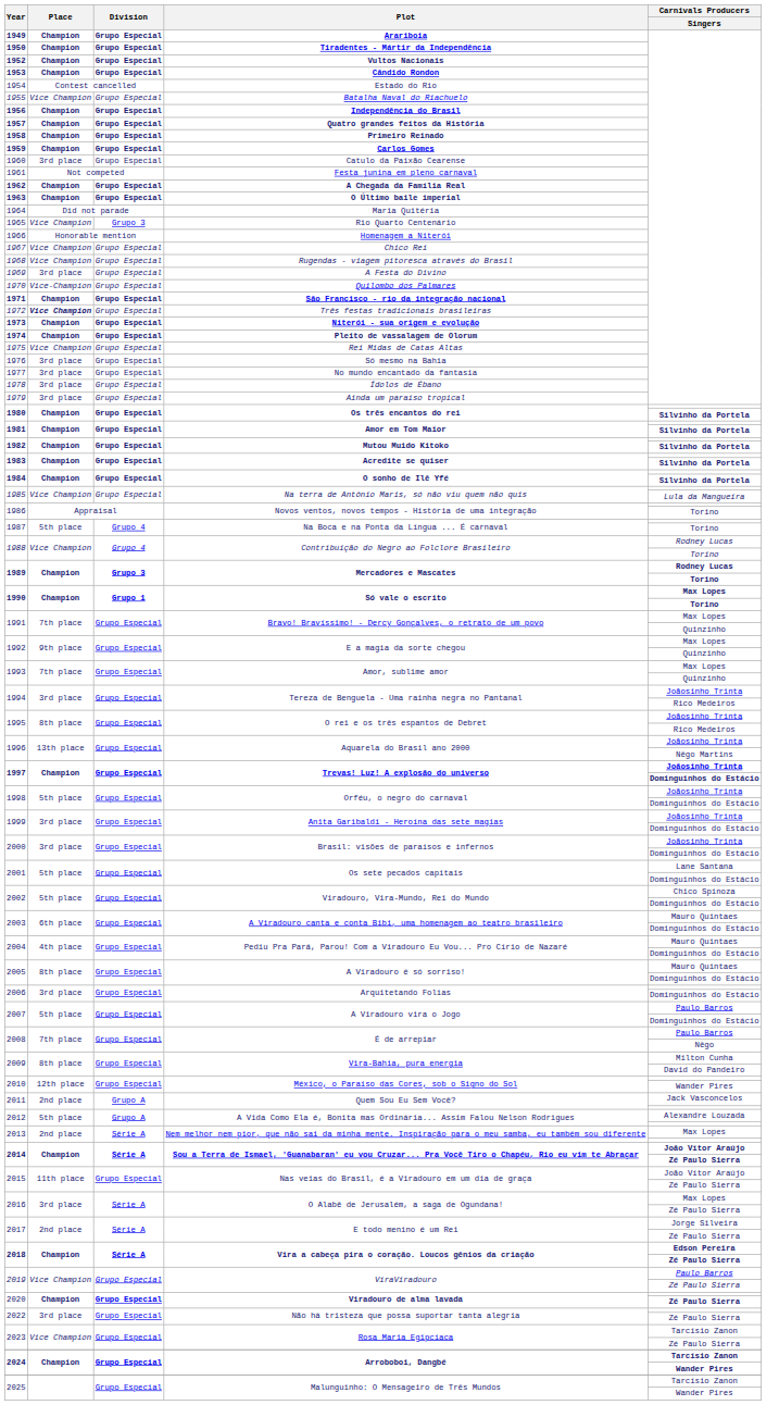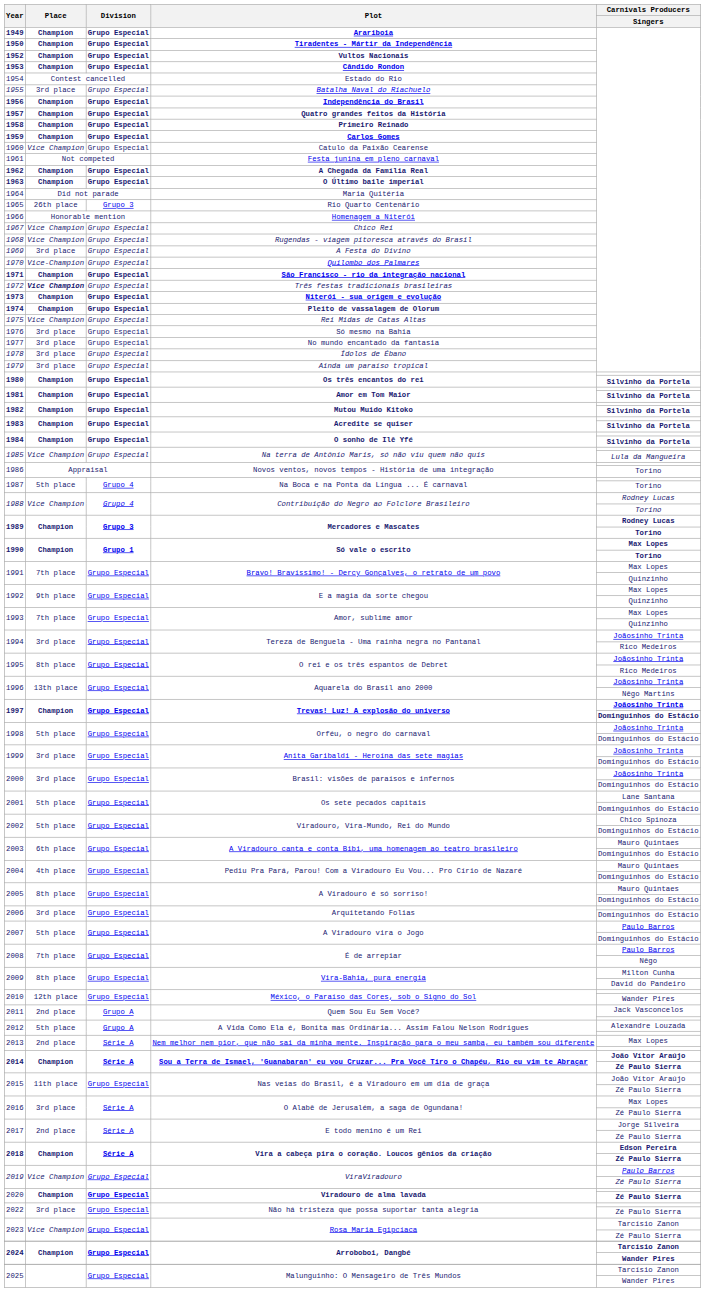 <table class="wikitable sortable" style="text-align:center; font-size:85%">
 <tr align="center">
 <th rowspan="2">Year</th>
 <th rowspan="2">Place</th>
 <th rowspan="2">Division</th>
 <th rowspan="2">Plot</th>
 <th>Carnivals Producers</th>
 </tr>
 <tr align="center">
 <th>Singers</th>
 </tr>
 <tr style="background-color:white; color:midnightblue; text:align=center">
 <td><strong>1949</strong></td>
 <td><strong>Champion</strong></td>
 <td><strong>Grupo Especial</strong></td>
 <td><strong><a href='#'>Arariboia</a></strong></td>
 <td rowspan="30"></td>
 </tr>
 <tr style="background-color:white; color:midnightblue; text:align=center">
 <td><strong>1950</strong></td>
 <td><strong>Champion</strong></td>
 <td><strong>Grupo Especial</strong></td>
 <td><strong><a href='#'>Tiradentes - Mártir da Independência</a></strong></td>
 </tr>
 <tr style="background-color:white; color:midnightblue; text:align=center">
 <td><strong>1952</strong></td>
 <td><strong>Champion</strong></td>
 <td><strong>Grupo Especial</strong></td>
 <td><strong>Vultos Nacionais</strong></td>
 </tr>
 <tr style="background-color:white; color:midnightblue; text:align=center">
 <td><strong>1953</strong></td>
 <td><strong>Champion</strong></td>
 <td><strong>Grupo Especial</strong></td>
 <td><strong><a href='#'>Cândido Rondon</a></strong></td>
 </tr>
 <tr style="background-color:white; color:midnightblue; text:align=center">
 <td>1954</td>
 <td colspan="2">Contest cancelled</td>
 <td>Estado do Rio</td>
 </tr>
 <tr style="background-color:white; color:midnightblue; text:align=center">
 <td><em>1955</em></td>
-<td><em>Vice Champion</em></td>
+<td>3rd place</td>
 <td><em>Grupo Especial</em></td>
 <td><em><a href='#'>Batalha Naval do Riachuelo</a></em></td>
 </tr>
 <tr style="background-color:white; color:midnightblue; text:align=center">
 <td><strong>1956</strong></td>
 <td><strong>Champion</strong></td>
 <td><strong>Grupo Especial</strong></td>
 <td><strong><a href='#'>Independência do Brasil</a></strong></td>
 </tr>
 <tr style="background-color:white; color:midnightblue; text:align=center">
 <td><strong>1957</strong></td>
 <td><strong>Champion</strong></td>
 <td><strong>Grupo Especial</strong></td>
 <td><strong>Quatro grandes feitos da História</strong></td>
 </tr>
 <tr style="background-color:white; color:midnightblue; text:align=center">
 <td><strong>1958</strong></td>
 <td><strong>Champion</strong></td>
 <td><strong>Grupo Especial</strong></td>
 <td><strong>Primeiro Reinado</strong></td>
 </tr>
 <tr style="background-color:white; color:midnightblue; text:align=center">
 <td><strong>1959</strong></td>
 <td><strong>Champion</strong></td>
 <td><strong>Grupo Especial</strong></td>
 <td><strong><a href='#'>Carlos Gomes</a></strong></td>
 </tr>
 <tr style="background-color:white; color:midnightblue; text:align=center">
 <td>1960</td>
-<td>3rd place</td>
+<td><em>Vice Champion</em></td>
 <td>Grupo Especial</td>
 <td>Catulo da Paixão Cearense</td>
 </tr>
 <tr style="background-color:white; color:midnightblue; text:align=center">
 <td>1961</td>
 <td colspan="2">Not competed</td>
 <td><a href='#'>Festa junina em pleno carnaval</a></td>
 </tr>
 <tr style="background-color:white; color:midnightblue; text:align=center">
 <td><strong>1962</strong></td>
 <td><strong>Champion</strong></td>
 <td><strong>Grupo Especial</strong></td>
 <td><strong>A Chegada da Família Real</strong></td>
 </tr>
 <tr style="background-color:white; color:midnightblue; text:align=center">
 <td><strong>1963</strong></td>
 <td><strong>Champion</strong></td>
 <td><strong>Grupo Especial</strong></td>
 <td><strong>O Último baile imperial</strong></td>
 </tr>
 <tr style="background-color:white; color:midnightblue; text:align=center">
 <td>1964</td>
 <td colspan="2">Did not parade</td>
 <td>Maria Quitéria</td>
 </tr>
 <tr style="background-color:white; color:midnightblue; text:align=center">
 <td>1965</td>
-<td><em>Vice Champion</em></td>
+<td>26th place</td>
 <td><a href='#'>Grupo 3</a></td>
 <td>Rio Quarto Centenário</td>
 </tr>
 <tr style="background-color:white; color:midnightblue; text:align=center">
 <td>1966</td>
 <td colspan="2">Honorable mention</td>
 <td><a href='#'>Homenagem a Niterói</a></td>
 </tr>
 <tr style="background-color:white; color:midnightblue; text:align=center">
 <td><em>1967</em></td>
 <td><em>Vice Champion</em></td>
 <td><em>Grupo Especial</em></td>
 <td><em>Chico Rei</em></td>
 </tr>
 <tr style="background-color:white; color:midnightblue; text:align=center">
 <td><em>1968</em></td>
 <td><em>Vice Champion</em></td>
 <td><em>Grupo Especial</em></td>
 <td><em>Rugendas - viagem pitoresca através do Brasil</em></td>
 </tr>
 <tr style="background-color:white; color:midnightblue; text:align=center">
 <td><em>1969</em></td>
 <td>3rd place</td>
 <td><em>Grupo Especial</em></td>
 <td><em>A Festa do Divino</em></td>
 </tr>
 <tr style="background-color:white; color:midnightblue; text:align=center">
 <td><em>1970</em></td>
 <td><em>Vice-Champion</em></td>
 <td><em>Grupo Especial</em></td>
 <td><em><a href='#'>Quilombo dos Palmares</a></em></td>
 </tr>
 <tr style="background-color:white; color:midnightblue; text:align=center">
 <td><strong>1971</strong></td>
 <td><strong>Champion</strong></td>
 <td><strong>Grupo Especial</strong></td>
 <td><strong><a href='#'>São Francisco - rio da integração nacional</a></strong></td>
 </tr>
 <tr style="background-color:white; color:midnightblue; text:align=center">
 <td><em>1972</em></td>
 <td><strong><em>Vice Champion</em></strong></td>
 <td><em>Grupo Especial</em></td>
 <td><em>Três festas tradicionais brasileiras</em></td>
 </tr>
 <tr style="background-color:white; color:midnightblue; text:align=center">
 <td><strong>1973</strong></td>
 <td><strong>Champion</strong></td>
 <td><strong>Grupo Especial</strong></td>
 <td><strong><a href='#'>Niterói - sua origem e evolução</a></strong></td>
 </tr>
 <tr style="background-color:white; color:midnightblue; text:align=center">
 <td><strong>1974</strong></td>
 <td><strong>Champion</strong></td>
 <td><strong>Grupo Especial</strong></td>
 <td><strong>Pleito de vassalagem de Olorum</strong></td>
 </tr>
 <tr style="background-color:white; color:midnightblue; text:align=center">
 <td><em>1975</em></td>
 <td><em>Vice Champion</em></td>
 <td><em>Grupo Especial</em></td>
 <td><em>Rei Midas de Catas Altas</em></td>
 </tr>
 <tr style="background-color:white; color:midnightblue; text:align=center">
 <td>1976</td>
 <td>3rd place</td>
 <td>Grupo Especial</td>
 <td>Só mesmo na Bahia</td>
 </tr>
 <tr style="background-color:white; color:midnightblue; text:align=center">
 <td>1977</td>
 <td>3rd place</td>
 <td>Grupo Especial</td>
 <td>No mundo encantado da fantasia</td>
 </tr>
 <tr style="background-color:white; color:midnightblue; text:align=center">
 <td><em>1978</em></td>
 <td>3rd place</td>
 <td><em>Grupo Especial</em></td>
 <td><em>Ídolos de Ébano</em></td>
 </tr>
 <tr style="background-color:white; color:midnightblue; text:align=center">
 <td><em>1979</em></td>
 <td>3rd place</td>
 <td><em>Grupo Especial</em></td>
 <td><em>Ainda um paraíso tropical</em></td>
 </tr>
 <tr style="background-color:white; color:midnightblue; text:align=center">
 <td rowspan="2"><strong>1980</strong></td>
 <td rowspan="2"><strong>Champion</strong></td>
 <td rowspan="2"><strong>Grupo Especial</strong></td>
 <td rowspan="2"><strong>Os três encantos do rei</strong></td>
 <td><strong></strong></td>
 </tr>
 <tr style="background-color:white; color:midnightblue; text:align=center">
 <td><strong>Silvinho da Portela</strong></td>
 </tr>
 <tr style="background-color:white; color:midnightblue; text:align=center">
 <td rowspan="2"><strong>1981</strong></td>
 <td rowspan="2"><strong>Champion</strong></td>
 <td rowspan="2"><strong>Grupo Especial</strong></td>
 <td rowspan="2"><strong>Amor em Tom Maior</strong></td>
 <td><strong></strong></td>
 </tr>
 <tr style="background-color:white; color:midnightblue; text:align=center">
 <td><strong>Silvinho da Portela</strong></td>
 </tr>
 <tr style="background-color:white; color:midnightblue; text:align=center">
 <td rowspan="2"><strong>1982</strong></td>
 <td rowspan="2"><strong>Champion</strong></td>
 <td rowspan="2"><strong>Grupo Especial</strong></td>
 <td rowspan="2"><strong>Mutou Muido Kitoko</strong></td>
 <td><strong></strong></td>
 </tr>
 <tr style="background-color:white; color:midnightblue; text:align=center">
 <td><strong>Silvinho da Portela</strong></td>
 </tr>
 <tr style="background-color:white; color:midnightblue; text:align=center">
 <td rowspan="2"><strong>1983</strong></td>
 <td rowspan="2"><strong>Champion</strong></td>
 <td rowspan="2"><strong>Grupo Especial</strong></td>
 <td rowspan="2"><strong>Acredite se quiser</strong></td>
 <td><strong></strong></td>
 </tr>
 <tr style="background-color:white; color:midnightblue; text:align=center">
 <td><strong>Silvinho da Portela</strong></td>
 </tr>
 <tr style="background-color:white; color:midnightblue; text:align=center">
 <td rowspan="2"><strong>1984</strong></td>
 <td rowspan="2"><strong>Champion</strong></td>
 <td rowspan="2"><strong>Grupo Especial</strong></td>
 <td rowspan="2"><strong>O sonho de Ilê Yfé</strong></td>
 <td><strong></strong></td>
 </tr>
 <tr style="background-color:white; color:midnightblue; text:align=center">
 <td><strong>Silvinho da Portela</strong></td>
 </tr>
 <tr style="background-color:white; color:midnightblue; text:align=center">
 <td rowspan="2"><em>1985</em></td>
 <td rowspan="2"><em>Vice Champion</em></td>
 <td rowspan="2"><em>Grupo Especial</em></td>
 <td rowspan="2"><em>Na terra de Antônio Maris, só não viu quem não quis</em></td>
 <td><em></em></td>
 </tr>
 <tr style="background-color:white; color:midnightblue; text:align=center">
 <td><em>Lula da Mangueira</em></td>
 </tr>
 <tr style="background-color:white; color:midnightblue; text:align=center">
 <td rowspan="2">1986</td>
 <td rowspan="2" colspan="2">Appraisal</td>
 <td rowspan="2">Novos ventos, novos tempos - História de uma integração</td>
 <td></td>
 </tr>
 <tr style="background-color:white; color:midnightblue; text:align=center">
 <td>Torino</td>
 </tr>
 <tr style="background-color:white; color:midnightblue; text:align=center">
 <td rowspan="2">1987</td>
 <td rowspan="2">5th place</td>
 <td rowspan="2"><a href='#'>Grupo 4</a></td>
 <td rowspan="2">Na Boca e na Ponta da Língua ... É carnaval</td>
 <td></td>
 </tr>
 <tr style="background-color:white; color:midnightblue; text:align=center">
 <td>Torino</td>
 </tr>
 <tr style="background-color:white; color:midnightblue; text:align=center">
 <td rowspan="2"><em>1988</em></td>
 <td rowspan="2"><em>Vice Champion</em></td>
 <td rowspan="2"><em><a href='#'>Grupo 4</a></em></td>
 <td rowspan="2"><em>Contribuição do Negro ao Folclore Brasileiro</em></td>
 <td><em>Rodney Lucas</em></td>
 </tr>
 <tr style="background-color:white; color:midnightblue; text:align=center">
 <td><em>Torino</em></td>
 </tr>
 <tr style="background-color:white; color:midnightblue; text:align=center">
 <td rowspan="2"><strong>1989</strong></td>
 <td rowspan="2"><strong>Champion</strong></td>
 <td rowspan="2"><strong><a href='#'>Grupo 3</a></strong></td>
 <td rowspan="2"><strong>Mercadores e Mascates</strong></td>
 <td><strong>Rodney Lucas</strong></td>
 </tr>
 <tr style="background-color:white; color:midnightblue; text:align=center">
 <td><strong>Torino</strong></td>
 </tr>
 <tr style="background-color:white; color:midnightblue; text:align=center">
 <td rowspan="2"><strong>1990</strong></td>
 <td rowspan="2"><strong>Champion</strong></td>
 <td rowspan="2"><strong><a href='#'>Grupo 1</a></strong></td>
 <td rowspan="2"><strong>Só vale o escrito</strong></td>
 <td><strong>Max Lopes</strong></td>
 </tr>
 <tr style="background-color:white; color:midnightblue; text:align=center">
 <td><strong>Torino</strong></td>
 </tr>
 <tr style="background-color:white; color:midnightblue; text:align=center">
 <td rowspan="2">1991</td>
 <td rowspan="2">7th place</td>
 <td rowspan="2"><a href='#'>Grupo Especial</a></td>
 <td rowspan="2"><a href='#'>Bravo! Bravíssimo! - Dercy Gonçalves, o retrato de um povo</a></td>
 <td>Max Lopes</td>
 </tr>
 <tr style="background-color:white; color:midnightblue; text:align=center">
 <td>Quinzinho</td>
 </tr>
 <tr style="background-color:white; color:midnightblue; text:align=center">
 <td rowspan="2">1992</td>
 <td rowspan="2">9th place</td>
 <td rowspan="2"><a href='#'>Grupo Especial</a></td>
 <td rowspan="2">E a magia da sorte chegou</td>
 <td>Max Lopes</td>
 </tr>
 <tr style="background-color:white; color:midnightblue; text:align=center">
 <td>Quinzinho</td>
 </tr>
 <tr style="background-color:white; color:midnightblue; text:align=center">
 <td rowspan="2">1993</td>
 <td rowspan="2">7th place</td>
 <td rowspan="2"><a href='#'>Grupo Especial</a></td>
 <td rowspan="2">Amor, sublime amor</td>
 <td>Max Lopes</td>
 </tr>
 <tr style="background-color:white; color:midnightblue; text:align=center">
 <td>Quinzinho</td>
 </tr>
 <tr style="background-color:white; color:midnightblue; text:align=center">
 <td rowspan="2">1994</td>
 <td rowspan="2">3rd place</td>
 <td rowspan="2"><a href='#'>Grupo Especial</a></td>
 <td rowspan="2">Tereza de Benguela - Uma rainha negra no Pantanal</td>
 <td><a href='#'>Joãosinho Trinta</a></td>
 </tr>
 <tr style="background-color:white; color:midnightblue; text:align=center">
 <td>Rico Medeiros</td>
 </tr>
 <tr style="background-color:white; color:midnightblue; text:align=center">
 <td rowspan="2">1995</td>
 <td rowspan="2">8th place</td>
 <td rowspan="2"><a href='#'>Grupo Especial</a></td>
 <td rowspan="2">O rei e os três espantos de Debret</td>
 <td><a href='#'>Joãosinho Trinta</a></td>
 </tr>
 <tr style="background-color:white; color:midnightblue; text:align=center">
 <td>Rico Medeiros</td>
 </tr>
 <tr style="background-color:white; color:midnightblue; text:align=center">
 <td rowspan="2">1996</td>
 <td rowspan="2">13th place</td>
 <td rowspan="2"><a href='#'>Grupo Especial</a></td>
 <td rowspan="2">Aquarela do Brasil ano 2000</td>
 <td><a href='#'>Joãosinho Trinta</a></td>
 </tr>
 <tr style="background-color:white; color:midnightblue; text:align=center">
 <td>Nêgo Martins</td>
 </tr>
 <tr style="background-color:white; color:midnightblue; text:align=center">
 <td rowspan="2"><strong>1997</strong></td>
 <td rowspan="2"><strong>Champion</strong></td>
 <td rowspan="2"><strong><a href='#'>Grupo Especial</a></strong></td>
 <td rowspan="2"><strong><a href='#'>Trevas! Luz! A explosão do universo</a></strong></td>
 <td><strong><a href='#'>Joãosinho Trinta</a></strong></td>
 </tr>
 <tr style="background-color:white; color:midnightblue; text:align=center">
 <td><strong>Dominguinhos do Estácio</strong></td>
 </tr>
 <tr style="background-color:white; color:midnightblue; text:align=center">
 <td rowspan="2">1998</td>
 <td rowspan="2">5th place</td>
 <td rowspan="2"><a href='#'>Grupo Especial</a></td>
 <td rowspan="2">Orféu, o negro do carnaval</td>
 <td><a href='#'>Joãosinho Trinta</a></td>
 </tr>
 <tr style="background-color:white; color:midnightblue; text:align=center">
 <td>Dominguinhos do Estácio</td>
 </tr>
 <tr style="background-color:white; color:midnightblue; text:align=center">
 <td rowspan="2">1999</td>
 <td rowspan="2">3rd place</td>
 <td rowspan="2"><a href='#'>Grupo Especial</a></td>
 <td rowspan="2"><a href='#'>Anita Garibaldi - Heroína das sete magias</a></td>
 <td><a href='#'>Joãosinho Trinta</a></td>
 </tr>
 <tr style="background-color:white; color:midnightblue; text:align=center">
 <td>Dominguinhos do Estácio</td>
 </tr>
 <tr style="background-color:white; color:midnightblue; text:align=center">
 <td rowspan="2">2000</td>
 <td rowspan="2">3rd place</td>
 <td rowspan="2"><a href='#'>Grupo Especial</a></td>
 <td rowspan="2">Brasil: visões de paraísos e infernos</td>
 <td><a href='#'>Joãosinho Trinta</a></td>
 </tr>
 <tr style="background-color:white; color:midnightblue; text:align=center">
 <td>Dominguinhos do Estácio</td>
 </tr>
 <tr style="background-color:white; color:midnightblue; text:align=center">
 <td rowspan="2">2001</td>
 <td rowspan="2">5th place</td>
 <td rowspan="2"><a href='#'>Grupo Especial</a></td>
 <td rowspan="2">Os sete pecados capitais</td>
 <td>Lane Santana</td>
 </tr>
 <tr style="background-color:white; color:midnightblue; text:align=center">
 <td>Dominguinhos do Estácio</td>
 </tr>
 <tr style="background-color:white; color:midnightblue; text:align=center">
 <td rowspan="2">2002</td>
 <td rowspan="2">5th place</td>
 <td rowspan="2"><a href='#'>Grupo Especial</a></td>
 <td rowspan="2">Viradouro, Vira-Mundo, Rei do Mundo</td>
 <td>Chico Spinoza</td>
 </tr>
 <tr style="background-color:white; color:midnightblue; text:align=center">
 <td>Dominguinhos do Estácio</td>
 </tr>
 <tr style="background-color:white; color:midnightblue; text:align=center">
 <td rowspan="2">2003</td>
 <td rowspan="2">6th place</td>
 <td rowspan="2"><a href='#'>Grupo Especial</a></td>
 <td rowspan="2"><a href='#'>A Viradouro canta e conta Bibi, uma homenagem ao teatro brasileiro</a></td>
 <td>Mauro Quintaes</td>
 </tr>
 <tr style="background-color:white; color:midnightblue; text:align=center">
 <td>Dominguinhos do Estácio</td>
 </tr>
 <tr style="background-color:white; color:midnightblue; text:align=center">
 <td rowspan="2">2004</td>
 <td rowspan="2">4th place</td>
 <td rowspan="2"><a href='#'>Grupo Especial</a></td>
 <td rowspan="2">Pediu Pra Pará, Parou! Com a Viradouro Eu Vou... Pro Círio de Nazaré</td>
 <td>Mauro Quintaes</td>
 </tr>
 <tr style="background-color:white; color:midnightblue; text:align=center">
 <td>Dominguinhos do Estácio</td>
 </tr>
 <tr style="background-color:white; color:midnightblue; text:align=center">
 <td rowspan="2">2005</td>
 <td rowspan="2">8th place</td>
 <td rowspan="2"><a href='#'>Grupo Especial</a></td>
 <td rowspan="2">A Viradouro é só sorriso!</td>
 <td>Mauro Quintaes</td>
 </tr>
 <tr style="background-color:white; color:midnightblue; text:align=center">
 <td>Dominguinhos do Estácio</td>
 </tr>
 <tr style="background-color:white; color:midnightblue; text:align=center">
 <td rowspan="2">2006</td>
 <td rowspan="2">3rd place</td>
 <td rowspan="2"><a href='#'>Grupo Especial</a></td>
 <td rowspan="2">Arquitetando Folias</td>
 <td></td>
 </tr>
 <tr style="background-color:white; color:midnightblue; text:align=center">
 <td>Dominguinhos do Estácio</td>
 </tr>
 <tr style="background-color:white; color:midnightblue; text:align=center">
 <td rowspan="2">2007</td>
 <td rowspan="2">5th place</td>
 <td rowspan="2"><a href='#'>Grupo Especial</a></td>
 <td rowspan="2">A Viradouro vira o Jogo</td>
 <td><a href='#'>Paulo Barros</a></td>
 </tr>
 <tr style="background-color:white; color:midnightblue; text:align=center">
 <td>Dominguinhos do Estácio</td>
 </tr>
 <tr style="background-color:white; color:midnightblue; text:align=center">
 <td rowspan="2">2008</td>
 <td rowspan="2">7th place</td>
 <td rowspan="2"><a href='#'>Grupo Especial</a></td>
 <td rowspan="2">É de arrepiar</td>
 <td><a href='#'>Paulo Barros</a></td>
 </tr>
 <tr style="background-color:white; color:midnightblue; text:align=center">
 <td>Nêgo</td>
 </tr>
 <tr style="background-color:white; color:midnightblue; text:align=center">
 <td rowspan="2">2009</td>
 <td rowspan="2">8th place</td>
 <td rowspan="2"><a href='#'>Grupo Especial</a></td>
 <td rowspan="2"><a href='#'>Vira-Bahia, pura energia</a></td>
 <td>Milton Cunha</td>
 </tr>
 <tr style="background-color:white; color:midnightblue; text:align=center">
 <td>David do Pandeiro</td>
 </tr>
 <tr style="background-color:white; color:midnightblue; text:align=center">
 <td rowspan="2">2010</td>
 <td rowspan="2">12th place</td>
 <td rowspan="2"><a href='#'>Grupo Especial</a></td>
 <td rowspan="2"><a href='#'>México, o Paraíso das Cores, sob o Signo do Sol</a></td>
 <td></td>
 </tr>
 <tr style="background-color:white; color:midnightblue; text:align=center">
 <td>Wander Pires</td>
 </tr>
 <tr style="background-color:white; color:midnightblue; text:align=center">
 <td rowspan="2">2011</td>
 <td rowspan="2">2nd place</td>
 <td rowspan="2"><a href='#'>Grupo A</a></td>
 <td rowspan="2">Quem Sou Eu Sem Você?</td>
 <td>Jack Vasconcelos</td>
 </tr>
 <tr style="background-color:white; color:midnightblue; text:align=center">
 <td></td>
 </tr>
 <tr style="background-color:white; color:midnightblue; text:align=center">
 <td rowspan="2">2012</td>
 <td rowspan="2">5th place</td>
 <td rowspan="2"><a href='#'>Grupo A</a></td>
 <td rowspan="2">A Vida Como Ela é, Bonita mas Ordinária... Assim Falou Nelson Rodrigues</td>
 <td>Alexandre Louzada</td>
 </tr>
 <tr style="background-color:white; color:midnightblue; text:align=center">
 <td></td>
 </tr>
 <tr style="background-color:white; color:midnightblue; text:align=center">
 <td rowspan="2">2013</td>
 <td rowspan="2">2nd place</td>
 <td rowspan="2"><a href='#'>Série A</a></td>
 <td rowspan="2"><a href='#'>Nem melhor nem pior, que não sai da minha mente. Inspiração para o meu samba, eu também sou diferente</a></td>
 <td>Max Lopes</td>
 </tr>
 <tr style="background-color:white; color:midnightblue; text:align=center">
 <td></td>
 </tr>
 <tr style="background-color:white; color:midnightblue; text:align=center">
 <td rowspan="2"><strong>2014</strong></td>
 <td rowspan="2"><strong>Champion</strong></td>
 <td rowspan="2"><strong><a href='#'>Série A</a></strong></td>
 <td rowspan="2"><strong><a href='#'>Sou a Terra de Ismael, 'Guanabaran' eu vou Cruzar... Pra Você Tiro o Chapéu, Rio eu vim te Abraçar</a></strong></td>
 <td><strong>João Vítor Araújo</strong></td>
 </tr>
 <tr style="background-color:white; color:midnightblue; text:align=center">
 <td><strong>Zé Paulo Sierra</strong></td>
 </tr>
 <tr style="background-color:white; color:midnightblue; text:align=center">
 <td rowspan="2">2015</td>
 <td rowspan="2">11th place</td>
 <td rowspan="2"><a href='#'>Grupo Especial</a></td>
 <td rowspan="2">Nas veias do Brasil, é a Viradouro em um dia de graça</td>
 <td>João Vítor Araújo</td>
 </tr>
 <tr style="background-color:white; color:midnightblue; text:align=center">
 <td>Zé Paulo Sierra</td>
 </tr>
 <tr style="background-color:white; color:midnightblue; text:align=center">
 <td rowspan="2">2016</td>
 <td rowspan="2">3rd place</td>
 <td rowspan="2"><a href='#'>Série A</a></td>
 <td rowspan="2">O Alabê de Jerusalém, a saga de Ogundana!</td>
 <td>Max Lopes</td>
 </tr>
 <tr style="background-color:white; color:midnightblue; text:align=center">
 <td>Zé Paulo Sierra</td>
 </tr>
 <tr style="background-color:white; color:midnightblue; text:align=center">
 <td rowspan="2">2017</td>
 <td rowspan="2">2nd place</td>
 <td rowspan="2"><a href='#'>Série A</a></td>
 <td rowspan="2">E todo menino é um Rei</td>
 <td>Jorge Silveira</td>
 </tr>
 <tr style="background-color:white; color:midnightblue; text:align=center">
 <td>Zé Paulo Sierra</td>
 </tr>
 <tr style="background-color:white; color:midnightblue; text:align=center">
 <td rowspan="2"><strong>2018</strong></td>
 <td rowspan="2"><strong>Champion</strong></td>
 <td rowspan="2"><strong><a href='#'>Série A</a></strong></td>
 <td rowspan="2"><strong>Vira a cabeça pira o coração. Loucos gênios da criação</strong></td>
 <td><strong>Edson Pereira</strong></td>
 </tr>
 <tr style="background-color:white; color:midnightblue; text:align=center">
 <td><strong>Zé Paulo Sierra</strong></td>
 </tr>
 <tr style="background-color:white; color:midnightblue; text:align=center">
 <td rowspan="2"><em>2019</em></td>
 <td rowspan="2"><em>Vice Champion</em></td>
 <td rowspan="2"><em><a href='#'>Grupo Especial</a></em></td>
 <td rowspan="2"><em>ViraViradouro</em></td>
 <td><em><a href='#'>Paulo Barros</a></em></td>
 </tr>
 <tr style="background-color:white; color:midnightblue; text:align=center">
 <td><em>Zé Paulo Sierra</em></td>
 </tr>
 <tr style="background-color:white; color:midnightblue; text:align=center">
 <td rowspan="2">2020</td>
 <td rowspan="2"><strong>Champion</strong></td>
 <td rowspan="2"><strong><a href='#'>Grupo Especial</a></strong></td>
 <td rowspan="2"><strong>Viradouro de alma lavada</strong></td>
 <td><strong></strong></td>
 </tr>
 <tr style="background-color:white; color:midnightblue; text:align=center">
 <td><strong>Zé Paulo Sierra</strong></td>
 </tr>
 <tr style="background-color:white; color:midnightblue; text:align=center">
 <td rowspan="2">2022</td>
 <td rowspan="2">3rd place</td>
 <td rowspan="2"><a href='#'>Grupo Especial</a></td>
 <td rowspan="2">Não há tristeza que possa suportar tanta alegria</td>
 <td></td>
 </tr>
 <tr style="background-color:white; color:midnightblue; text:align=center">
 <td>Zé Paulo Sierra</td>
 </tr>
 <tr style="background-color:white; color:midnightblue; text:align=center">
 <td rowspan="2">2023</td>
 <td rowspan="2"><em>Vice Champion</em></td>
 <td rowspan="2"><a href='#'>Grupo Especial</a></td>
 <td rowspan="2"><a href='#'>Rosa Maria Egipcíaca</a></td>
 <td>Tarcísio Zanon</td>
 </tr>
 <tr style="background-color:white; color:midnightblue; text:align=center">
 <td>Zé Paulo Sierra</td>
 </tr>
 <tr>
 </tr>
 <tr style="background-color:white; color:midnightblue;">
 <td rowspan="2"><strong>2024</strong></td>
 <td rowspan="2"><strong>Champion</strong></td>
 <td rowspan="2"><strong><a href='#'>Grupo Especial</a></strong></td>
 <td rowspan="2"><strong>Arroboboi, Dangbé</strong></td>
 <td><strong>Tarcísio Zanon</strong></td>
 </tr>
 <tr style="background-color:white; color:midnightblue; text:align=center">
 <td><strong>Wander Pires</strong></td>
 </tr>
 <tr>
 </tr>
 <tr style="background-color:white; color:midnightblue;">
 <td rowspan="2">2025</td>
 <td rowspan="2"></td>
 <td rowspan="2"><a href='#'>Grupo Especial</a></td>
 <td rowspan="2">Malunguinho: O Mensageiro de Três Mundos</td>
 <td>Tarcísio Zanon</td>
 </tr>
 <tr style="background-color:white; color:midnightblue; text:align=center">
 <td>Wander Pires</td>
 </tr>
 </table>
